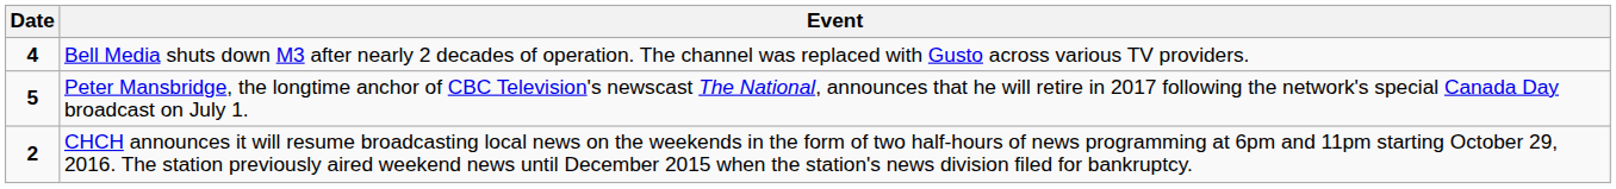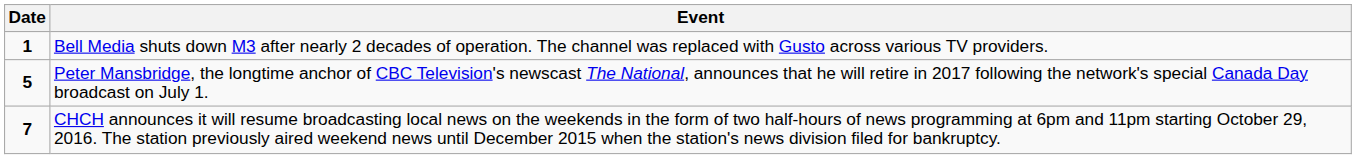 <table class="wikitable">
 <tr>
 <th>Date</th>
 <th>Event</th>
 </tr>
 <tr>
-<td style="text-align:center;"><strong>4</strong></td>
+<td style="text-align:center;"><strong>1</strong></td>
 <td><a href='#'>Bell Media</a> shuts down <a href='#'>M3</a> after nearly 2 decades of operation. The channel was replaced with <a href='#'>Gusto</a> across various TV providers.</td>
 </tr>
 <tr>
 <td style="text-align:center;"><strong>5</strong></td>
 <td><a href='#'>Peter Mansbridge</a>, the longtime anchor of <a href='#'>CBC Television</a>'s newscast <em><a href='#'>The National</a></em>, announces that he will retire in 2017 following the network's special <a href='#'>Canada Day</a> broadcast on July 1.</td>
 </tr>
 <tr>
-<td style="text-align:center;"><strong>2</strong></td>
+<td style="text-align:center;"><strong>7</strong></td>
 <td><a href='#'>CHCH</a> announces it will resume broadcasting local news on the weekends in the form of two half-hours of news programming at 6pm and 11pm starting October 29, 2016. The station previously aired weekend news until December 2015 when the station's news division filed for bankruptcy.</td>
 </tr>
 </table>
